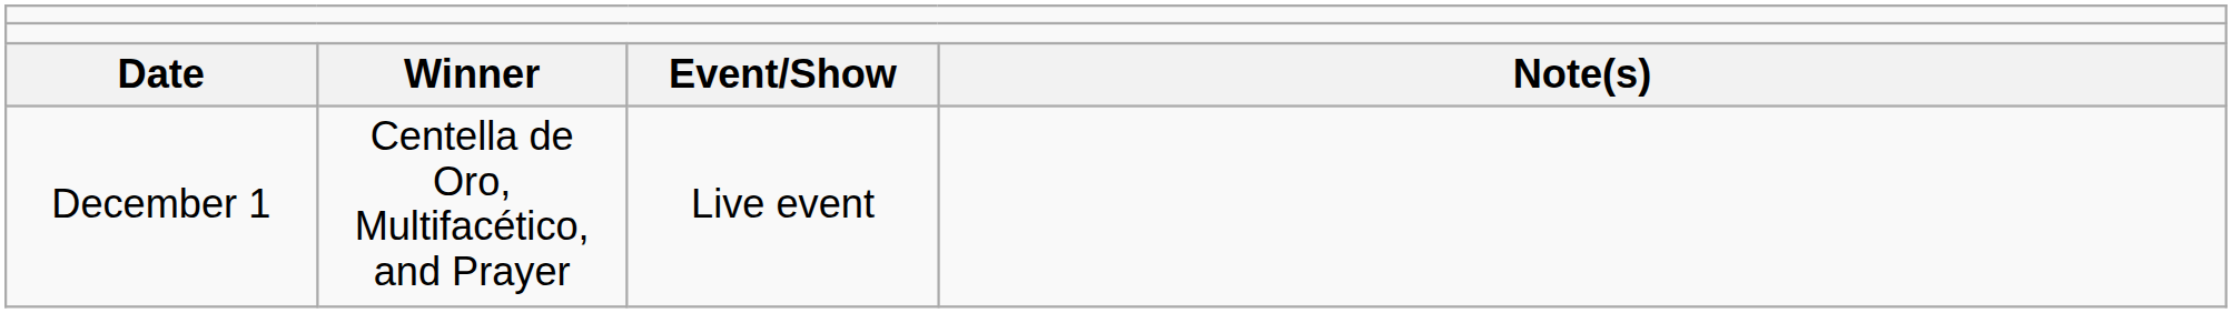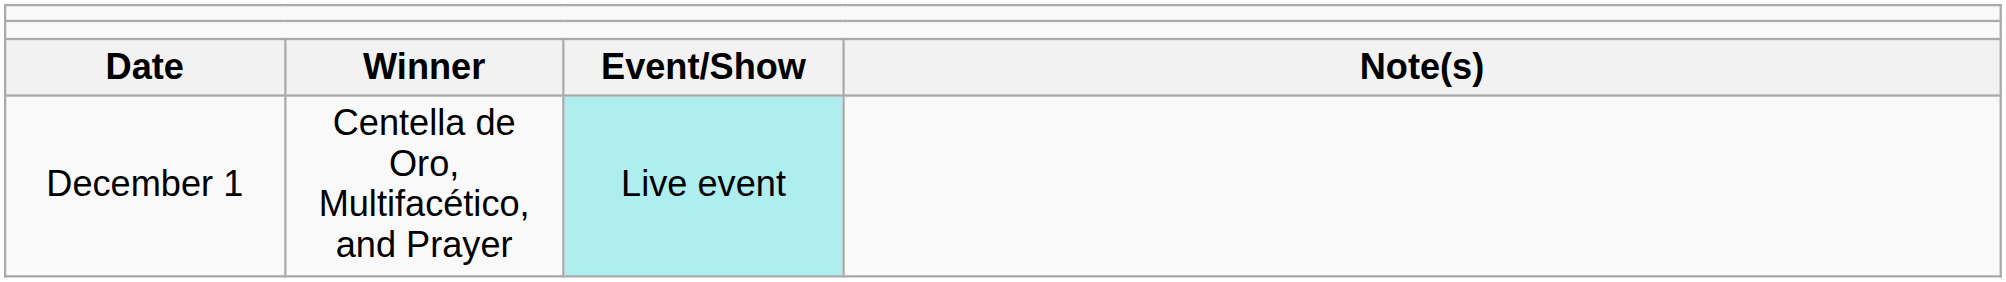 <table class="wikitable" style="text-align:center; width:100%;">
 <tr>
 <td colspan="5"></td>
 </tr>
 <tr>
 <td colspan="5"></td>
 </tr>
 <tr>
 <th style="width:14%;">Date</th>
 <th style="width:14%;">Winner</th>
 <th style="width:14%;">Event/Show</th>
 <th style="width:58%;">Note(s)</th>
 </tr>
 <tr>
 <td>December 1</td>
 <td>Centella de Oro, Multifacético, and Prayer</td>
-<td>Live event</td>
+<td style="background: paleturquoise;">Live event</td>
 <td></td>
 </tr>
 </table>
